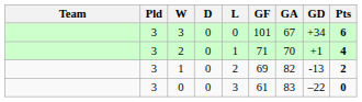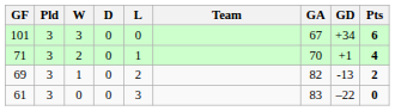 <table class="wikitable" style="text-align: center;">
 <tr>
-<th width="180">Team</th>
+<th width="30">GF</th>
 <th width="30">Pld</th>
 <th width="30">W</th>
 <th width="30">D</th>
 <th width="30">L</th>
-<th width="30">GF</th>
+<th width="180">Team</th>
 <th width="30">GA</th>
 <th width="30">GD</th>
 <th width="30">Pts</th>
 </tr>
 <tr bgcolor=#CCFFCC>
-<td align="left"></td>
+<td>101</td>
 <td>3</td>
 <td>3</td>
 <td>0</td>
 <td>0</td>
-<td>101</td>
+<td align="left"></td>
 <td>67</td>
 <td>+34</td>
 <td><strong>6</strong></td>
 </tr>
 <tr bgcolor=#CCFFCC>
-<td align="left"></td>
+<td>71</td>
 <td>3</td>
 <td>2</td>
 <td>0</td>
 <td>1</td>
-<td>71</td>
+<td align="left"></td>
 <td>70</td>
 <td>+1</td>
 <td><strong>4</strong></td>
 </tr>
 <tr>
-<td align="left"></td>
+<td>69</td>
 <td>3</td>
 <td>1</td>
 <td>0</td>
 <td>2</td>
-<td>69</td>
+<td align="left"></td>
 <td>82</td>
 <td>-13</td>
 <td><strong>2</strong></td>
 </tr>
 <tr>
-<td align="left"></td>
+<td>61</td>
 <td>3</td>
 <td>0</td>
 <td>0</td>
 <td>3</td>
-<td>61</td>
+<td align="left"></td>
 <td>83</td>
 <td>–22</td>
 <td><strong>0</strong></td>
 </tr>
 </table>
